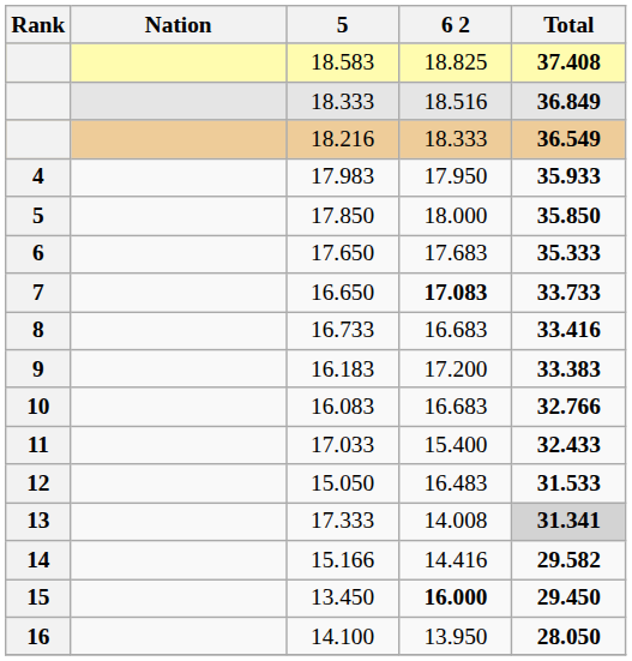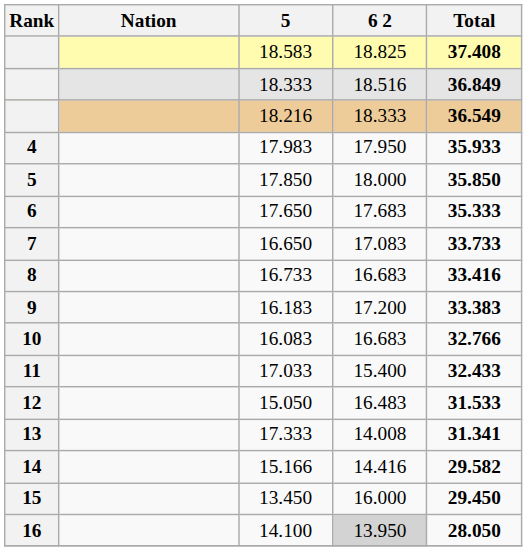 <table class="wikitable sortable" style="text-align:center; font-size:85%">
 <tr>
 <th scope="col" style="width:20px;">Rank</th>
 <th ! scope="col" style="width:120px;">Nation</th>
 <th ! scope="col" style="width:60px;">5 </th>
 <th ! scope="col" style="width:60px;">6 2</th>
 <th ! scope="col" style="width:60px;">Total</th>
 </tr>
 <tr bgcolor=fffcaf>
 <th scope=row></th>
 <td align=left></td>
 <td>18.583</td>
 <td>18.825</td>
 <td><strong>37.408</strong></td>
 </tr>
 <tr bgcolor=e5e5e5>
 <th scope=row></th>
 <td align=left></td>
 <td>18.333</td>
 <td>18.516</td>
 <td><strong>36.849</strong></td>
 </tr>
 <tr bgcolor=eecc99>
 <th scope=row></th>
 <td align=left></td>
 <td>18.216</td>
 <td>18.333</td>
 <td><strong>36.549</strong></td>
 </tr>
 <tr>
 <th scope=row>4</th>
 <td align=left></td>
 <td>17.983</td>
 <td>17.950</td>
 <td><strong>35.933</strong></td>
 </tr>
 <tr>
 <th scope=row>5</th>
 <td align=left></td>
 <td>17.850</td>
 <td>18.000</td>
 <td><strong>35.850</strong></td>
 </tr>
 <tr>
 <th scope=row>6</th>
 <td align=left></td>
 <td>17.650</td>
 <td>17.683</td>
 <td><strong>35.333</strong></td>
 </tr>
 <tr>
 <th scope=row>7</th>
 <td align=left></td>
 <td>16.650</td>
-<td><strong>17.083</strong></td>
+<td>17.083</td>
 <td><strong>33.733</strong></td>
 </tr>
 <tr>
 <th scope=row>8</th>
 <td align=left></td>
 <td>16.733</td>
 <td>16.683</td>
 <td><strong>33.416</strong></td>
 </tr>
 <tr>
 <th scope=row>9</th>
 <td align=left></td>
 <td>16.183</td>
 <td>17.200</td>
 <td><strong>33.383</strong></td>
 </tr>
 <tr>
 <th scope=row>10</th>
 <td align=left></td>
 <td>16.083</td>
 <td>16.683</td>
 <td><strong>32.766</strong></td>
 </tr>
 <tr>
 <th scope=row>11</th>
 <td align=left></td>
 <td>17.033</td>
 <td>15.400</td>
 <td><strong>32.433</strong></td>
 </tr>
 <tr>
 <th scope=row>12</th>
 <td align=left></td>
 <td>15.050</td>
 <td>16.483</td>
 <td><strong>31.533</strong></td>
 </tr>
 <tr>
 <th scope=row>13</th>
 <td align=left></td>
 <td>17.333</td>
 <td>14.008</td>
-<td style="background: lightgrey;"><strong>31.341</strong></td>
+<td><strong>31.341</strong></td>
 </tr>
 <tr>
 <th scope=row>14</th>
 <td align=left></td>
 <td>15.166</td>
 <td>14.416</td>
 <td><strong>29.582</strong></td>
 </tr>
 <tr>
 <th scope=row>15</th>
 <td align=left></td>
 <td>13.450</td>
-<td><strong>16.000</strong></td>
+<td>16.000</td>
 <td><strong>29.450</strong></td>
 </tr>
 <tr>
 <th scope=row>16</th>
 <td align=left></td>
 <td>14.100</td>
-<td>13.950</td>
+<td style="background: lightgrey;">13.950</td>
 <td><strong>28.050</strong></td>
 </tr>
 <tr>
 </tr>
 </table>
